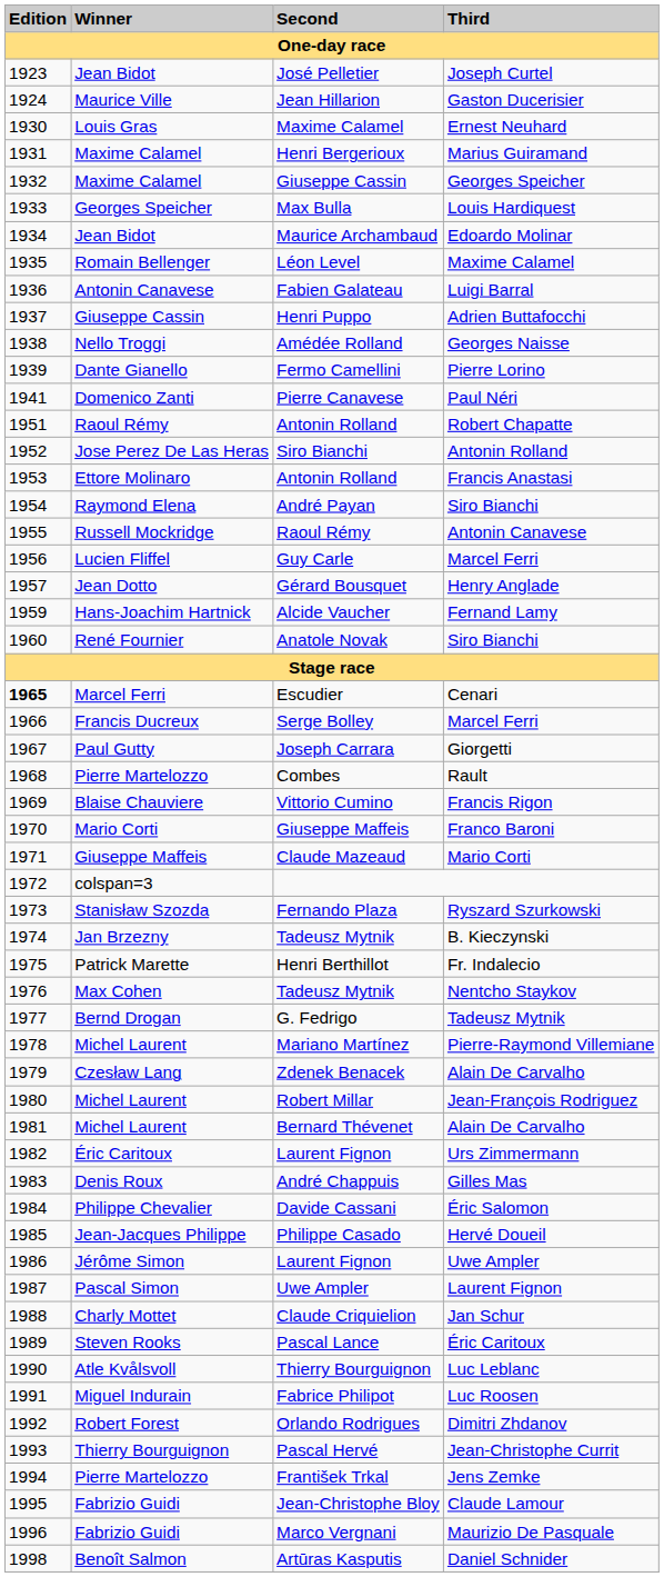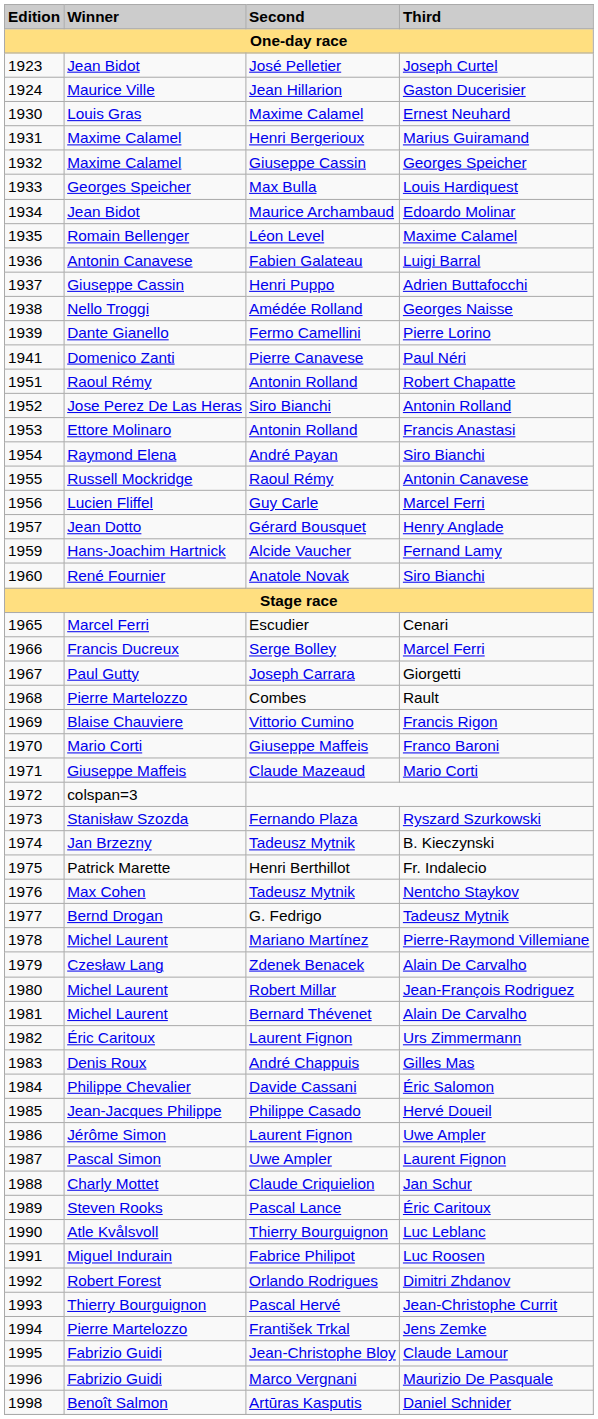 <table class="wikitable sortable" style="font-size:95%">
 <tr bgcolor="#E4E4E4">
 <td style= "background:#CCCCCC;color:#000000"><strong>Edition</strong></td>
 <td style="background:#CCCCCC;color:#000000"><strong>Winner</strong></td>
 <td style="background:#CCCCCC;color:#000000"><strong>Second</strong></td>
 <td style="background:#CCCCCC;color:#000000"><strong>Third</strong></td>
 </tr>
 <tr>
 <td colspan="4" align=center bgcolor="#FFDF80"><strong>One-day race</strong></td>
 </tr>
 <tr>
 <td>1923</td>
 <td> <a href='#'>Jean Bidot</a></td>
 <td> <a href='#'>José Pelletier</a></td>
 <td> <a href='#'>Joseph Curtel</a></td>
 </tr>
 <tr>
 <td>1924</td>
 <td> <a href='#'>Maurice Ville</a></td>
 <td> <a href='#'>Jean Hillarion</a></td>
 <td> <a href='#'>Gaston Ducerisier</a></td>
 </tr>
 <tr>
 <td>1930</td>
 <td> <a href='#'>Louis Gras</a></td>
 <td> <a href='#'>Maxime Calamel</a></td>
 <td> <a href='#'>Ernest Neuhard</a></td>
 </tr>
 <tr>
 <td>1931</td>
 <td> <a href='#'>Maxime Calamel</a></td>
 <td> <a href='#'>Henri Bergerioux</a></td>
 <td> <a href='#'>Marius Guiramand</a></td>
 </tr>
 <tr>
 <td>1932</td>
 <td> <a href='#'>Maxime Calamel</a></td>
 <td> <a href='#'>Giuseppe Cassin</a></td>
 <td> <a href='#'>Georges Speicher</a></td>
 </tr>
 <tr>
 <td>1933</td>
 <td> <a href='#'>Georges Speicher</a></td>
 <td> <a href='#'>Max Bulla</a></td>
 <td> <a href='#'>Louis Hardiquest</a></td>
 </tr>
 <tr>
 <td>1934</td>
 <td> <a href='#'>Jean Bidot</a></td>
 <td> <a href='#'>Maurice Archambaud</a></td>
 <td> <a href='#'>Edoardo Molinar</a></td>
 </tr>
 <tr>
 <td>1935</td>
 <td> <a href='#'>Romain Bellenger</a></td>
 <td> <a href='#'>Léon Level</a></td>
 <td> <a href='#'>Maxime Calamel</a></td>
 </tr>
 <tr>
 <td>1936</td>
 <td> <a href='#'>Antonin Canavese</a></td>
 <td> <a href='#'>Fabien Galateau</a></td>
 <td> <a href='#'>Luigi Barral</a></td>
 </tr>
 <tr>
 <td>1937</td>
 <td> <a href='#'>Giuseppe Cassin</a></td>
 <td> <a href='#'>Henri Puppo</a></td>
 <td> <a href='#'>Adrien Buttafocchi</a></td>
 </tr>
 <tr>
 <td>1938</td>
 <td> <a href='#'>Nello Troggi</a></td>
 <td> <a href='#'>Amédée Rolland</a></td>
 <td> <a href='#'>Georges Naisse</a></td>
 </tr>
 <tr>
 <td>1939</td>
 <td> <a href='#'>Dante Gianello</a></td>
 <td> <a href='#'>Fermo Camellini</a></td>
 <td> <a href='#'>Pierre Lorino</a></td>
 </tr>
 <tr>
 <td>1941</td>
 <td> <a href='#'>Domenico Zanti</a></td>
 <td> <a href='#'>Pierre Canavese</a></td>
 <td> <a href='#'>Paul Néri</a></td>
 </tr>
 <tr>
 <td>1951</td>
 <td> <a href='#'>Raoul Rémy</a></td>
 <td> <a href='#'>Antonin Rolland</a></td>
 <td> <a href='#'>Robert Chapatte</a></td>
 </tr>
 <tr>
 <td>1952</td>
 <td> <a href='#'>Jose Perez De Las Heras</a></td>
 <td> <a href='#'>Siro Bianchi</a></td>
 <td> <a href='#'>Antonin Rolland</a></td>
 </tr>
 <tr>
 <td>1953</td>
 <td> <a href='#'>Ettore Molinaro</a></td>
 <td> <a href='#'>Antonin Rolland</a></td>
 <td> <a href='#'>Francis Anastasi</a></td>
 </tr>
 <tr>
 <td>1954</td>
 <td> <a href='#'>Raymond Elena</a></td>
 <td> <a href='#'>André Payan</a></td>
 <td> <a href='#'>Siro Bianchi</a></td>
 </tr>
 <tr>
 <td>1955</td>
 <td> <a href='#'>Russell Mockridge</a></td>
 <td> <a href='#'>Raoul Rémy</a></td>
 <td> <a href='#'>Antonin Canavese</a></td>
 </tr>
 <tr>
 <td>1956</td>
 <td> <a href='#'>Lucien Fliffel</a></td>
 <td> <a href='#'>Guy Carle</a></td>
 <td> <a href='#'>Marcel Ferri</a></td>
 </tr>
 <tr>
 <td>1957</td>
 <td> <a href='#'>Jean Dotto</a></td>
 <td> <a href='#'>Gérard Bousquet</a></td>
 <td> <a href='#'>Henry Anglade</a></td>
 </tr>
 <tr>
 <td>1959</td>
 <td> <a href='#'>Hans-Joachim Hartnick</a></td>
 <td> <a href='#'>Alcide Vaucher</a></td>
 <td> <a href='#'>Fernand Lamy</a></td>
 </tr>
 <tr>
 <td>1960</td>
 <td> <a href='#'>René Fournier</a></td>
 <td> <a href='#'>Anatole Novak</a></td>
 <td> <a href='#'>Siro Bianchi</a></td>
 </tr>
 <tr>
 <td colspan="4" align=center bgcolor="#FFDF80"><strong>Stage race</strong></td>
 </tr>
 <tr>
-<td><strong>1965</strong></td>
+<td>1965</td>
 <td> <a href='#'>Marcel Ferri</a></td>
 <td> Escudier</td>
 <td> Cenari</td>
 </tr>
 <tr>
 <td>1966</td>
 <td> <a href='#'>Francis Ducreux</a></td>
 <td> <a href='#'>Serge Bolley</a></td>
 <td> <a href='#'>Marcel Ferri</a></td>
 </tr>
 <tr>
 <td>1967</td>
 <td> <a href='#'>Paul Gutty</a></td>
 <td> <a href='#'>Joseph Carrara</a></td>
 <td> Giorgetti</td>
 </tr>
 <tr>
 <td>1968</td>
 <td> <a href='#'>Pierre Martelozzo</a></td>
 <td> Combes</td>
 <td> Rault</td>
 </tr>
 <tr>
 <td>1969</td>
 <td> <a href='#'>Blaise Chauviere</a></td>
 <td> <a href='#'>Vittorio Cumino</a></td>
 <td> <a href='#'>Francis Rigon</a></td>
 </tr>
 <tr>
 <td>1970</td>
 <td> <a href='#'>Mario Corti</a></td>
 <td> <a href='#'>Giuseppe Maffeis</a></td>
 <td> <a href='#'>Franco Baroni</a></td>
 </tr>
 <tr>
 <td>1971</td>
 <td> <a href='#'>Giuseppe Maffeis</a></td>
 <td> <a href='#'>Claude Mazeaud</a></td>
 <td> <a href='#'>Mario Corti</a></td>
 </tr>
 <tr>
 <td>1972</td>
 <td>colspan=3 </td>
 </tr>
 <tr>
 <td>1973</td>
 <td> <a href='#'>Stanisław Szozda</a></td>
 <td> <a href='#'>Fernando Plaza</a></td>
 <td> <a href='#'>Ryszard Szurkowski</a></td>
 </tr>
 <tr>
 <td>1974</td>
 <td> <a href='#'>Jan Brzezny</a></td>
 <td> <a href='#'>Tadeusz Mytnik</a></td>
 <td> B. Kieczynski</td>
 </tr>
 <tr>
 <td>1975</td>
 <td> Patrick Marette</td>
 <td> Henri Berthillot</td>
 <td> Fr. Indalecio</td>
 </tr>
 <tr>
 <td>1976</td>
 <td> <a href='#'>Max Cohen</a></td>
 <td> <a href='#'>Tadeusz Mytnik</a></td>
 <td> <a href='#'>Nentcho Staykov</a></td>
 </tr>
 <tr>
 <td>1977</td>
 <td> <a href='#'>Bernd Drogan</a></td>
 <td> G. Fedrigo</td>
 <td> <a href='#'>Tadeusz Mytnik</a></td>
 </tr>
 <tr>
 <td>1978</td>
 <td> <a href='#'>Michel Laurent</a></td>
 <td> <a href='#'>Mariano Martínez</a></td>
 <td> <a href='#'>Pierre-Raymond Villemiane</a></td>
 </tr>
 <tr>
 <td>1979</td>
 <td> <a href='#'>Czesław Lang</a></td>
 <td> <a href='#'>Zdenek Benacek</a></td>
 <td> <a href='#'>Alain De Carvalho</a></td>
 </tr>
 <tr>
 <td>1980</td>
 <td> <a href='#'>Michel Laurent</a></td>
 <td> <a href='#'>Robert Millar</a></td>
 <td> <a href='#'>Jean-François Rodriguez</a></td>
 </tr>
 <tr>
 <td>1981</td>
 <td> <a href='#'>Michel Laurent</a></td>
 <td> <a href='#'>Bernard Thévenet</a></td>
 <td> <a href='#'>Alain De Carvalho</a></td>
 </tr>
 <tr>
 <td>1982</td>
 <td> <a href='#'>Éric Caritoux</a></td>
 <td> <a href='#'>Laurent Fignon</a></td>
 <td> <a href='#'>Urs Zimmermann</a></td>
 </tr>
 <tr>
 <td>1983</td>
 <td> <a href='#'>Denis Roux</a></td>
 <td> <a href='#'>André Chappuis</a></td>
 <td> <a href='#'>Gilles Mas</a></td>
 </tr>
 <tr>
 <td>1984</td>
 <td> <a href='#'>Philippe Chevalier</a></td>
 <td> <a href='#'>Davide Cassani</a></td>
 <td> <a href='#'>Éric Salomon</a></td>
 </tr>
 <tr>
 <td>1985</td>
 <td> <a href='#'>Jean-Jacques Philippe</a></td>
 <td> <a href='#'>Philippe Casado</a></td>
 <td> <a href='#'>Hervé Doueil</a></td>
 </tr>
 <tr>
 <td>1986</td>
 <td> <a href='#'>Jérôme Simon</a></td>
 <td> <a href='#'>Laurent Fignon</a></td>
 <td> <a href='#'>Uwe Ampler</a></td>
 </tr>
 <tr>
 <td>1987</td>
 <td> <a href='#'>Pascal Simon</a></td>
 <td> <a href='#'>Uwe Ampler</a></td>
 <td> <a href='#'>Laurent Fignon</a></td>
 </tr>
 <tr>
 <td>1988</td>
 <td> <a href='#'>Charly Mottet</a></td>
 <td> <a href='#'>Claude Criquielion</a></td>
 <td> <a href='#'>Jan Schur</a></td>
 </tr>
 <tr>
 <td>1989</td>
 <td> <a href='#'>Steven Rooks</a></td>
 <td> <a href='#'>Pascal Lance</a></td>
 <td> <a href='#'>Éric Caritoux</a></td>
 </tr>
 <tr>
 <td>1990</td>
 <td> <a href='#'>Atle Kvålsvoll</a></td>
 <td> <a href='#'>Thierry Bourguignon</a></td>
 <td> <a href='#'>Luc Leblanc</a></td>
 </tr>
 <tr>
 <td>1991</td>
 <td> <a href='#'>Miguel Indurain</a></td>
 <td> <a href='#'>Fabrice Philipot</a></td>
 <td> <a href='#'>Luc Roosen</a></td>
 </tr>
 <tr>
 <td>1992</td>
 <td> <a href='#'>Robert Forest</a></td>
 <td> <a href='#'>Orlando Rodrigues</a></td>
 <td> <a href='#'>Dimitri Zhdanov</a></td>
 </tr>
 <tr>
 <td>1993</td>
 <td> <a href='#'>Thierry Bourguignon</a></td>
 <td> <a href='#'>Pascal Hervé</a></td>
 <td> <a href='#'>Jean-Christophe Currit</a></td>
 </tr>
 <tr>
 <td>1994</td>
 <td> <a href='#'>Pierre Martelozzo</a></td>
 <td> <a href='#'>František Trkal</a></td>
 <td> <a href='#'>Jens Zemke</a></td>
 </tr>
 <tr>
 <td>1995</td>
 <td> <a href='#'>Fabrizio Guidi</a></td>
 <td> <a href='#'>Jean-Christophe Bloy</a></td>
 <td> <a href='#'>Claude Lamour</a></td>
 </tr>
 <tr>
 <td>1996</td>
 <td> <a href='#'>Fabrizio Guidi</a></td>
 <td> <a href='#'>Marco Vergnani</a></td>
 <td> <a href='#'>Maurizio De Pasquale</a></td>
 </tr>
 <tr>
 <td>1998</td>
 <td> <a href='#'>Benoît Salmon</a></td>
 <td> <a href='#'>Artūras Kasputis</a></td>
 <td> <a href='#'>Daniel Schnider</a></td>
 </tr>
 <tr>
 </tr>
 </table>
